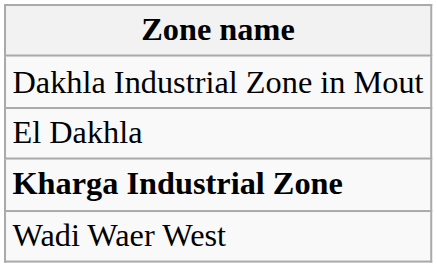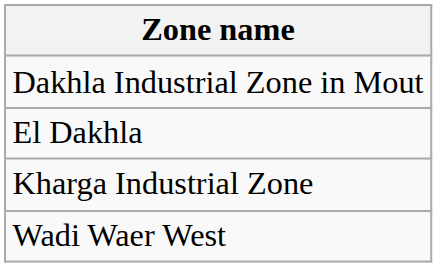 <table class="wikitable">
 <tr>
 <th>Zone name</th>
 </tr>
 <tr>
 <td rowspan="1">Dakhla Industrial Zone in Mout</td>
 </tr>
 <tr>
 <td rowspan="1">El Dakhla</td>
 </tr>
 <tr>
-<td rowspan="1"><strong>Kharga Industrial Zone</strong></td>
+<td rowspan="1">Kharga Industrial Zone</td>
 </tr>
 <tr>
 <td rowspan="1">Wadi Waer West</td>
 </tr>
 </table>
